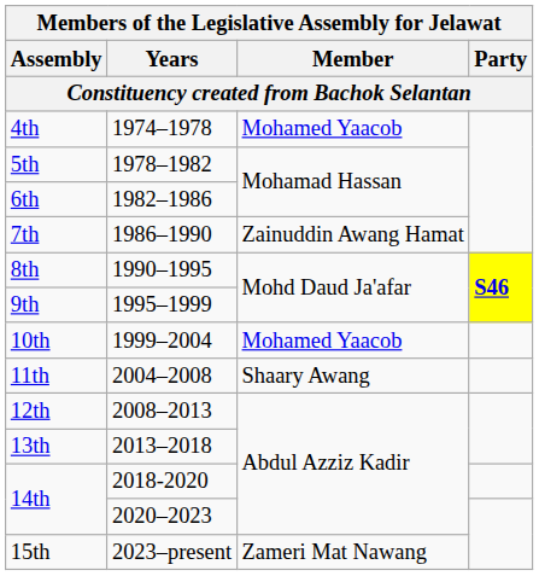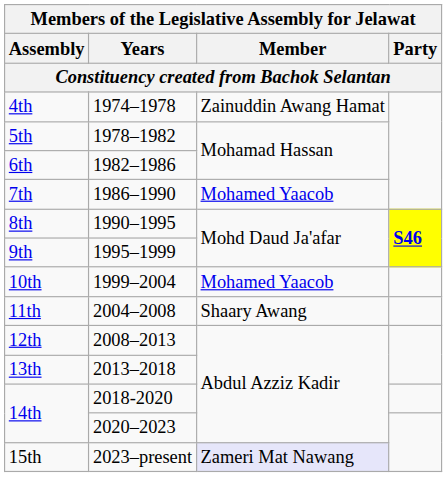 <table class=wikitable>
 <tr>
 <th colspan=4>Members of the Legislative Assembly for Jelawat</th>
 </tr>
 <tr>
 <th>Assembly</th>
 <th>Years</th>
 <th>Member</th>
 <th>Party</th>
 </tr>
 <tr>
 <th colspan=4 align=center><em>Constituency created from Bachok Selantan</em></th>
 </tr>
 <tr>
 <td><a href='#'>4th</a></td>
 <td>1974–1978</td>
-<td><a href='#'>Mohamed Yaacob</a></td>
+<td>Zainuddin Awang Hamat</td>
 <td rowspan=4></td>
 </tr>
 <tr>
 <td><a href='#'>5th</a></td>
 <td>1978–1982</td>
 <td rowspan=2>Mohamad Hassan</td>
 </tr>
 <tr>
 <td><a href='#'>6th</a></td>
 <td>1982–1986</td>
 </tr>
 <tr>
 <td><a href='#'>7th</a></td>
 <td>1986–1990</td>
-<td>Zainuddin Awang Hamat</td>
+<td><a href='#'>Mohamed Yaacob</a></td>
 </tr>
 <tr>
 <td><a href='#'>8th</a></td>
 <td>1990–1995</td>
 <td rowspan=2>Mohd Daud Ja'afar</td>
 <td rowspan=2 bgcolor="yellow"><strong><a href='#'>S46</a></strong></td>
 </tr>
 <tr>
 <td><a href='#'>9th</a></td>
 <td>1995–1999</td>
 </tr>
 <tr>
 <td><a href='#'>10th</a></td>
 <td>1999–2004</td>
 <td><a href='#'>Mohamed Yaacob</a></td>
 <td></td>
 </tr>
 <tr>
 <td><a href='#'>11th</a></td>
 <td>2004–2008</td>
 <td>Shaary Awang</td>
 <td></td>
 </tr>
 <tr>
 <td><a href='#'>12th</a></td>
 <td>2008–2013</td>
 <td rowspan="4">Abdul Azziz Kadir</td>
 <td rowspan=2></td>
 </tr>
 <tr>
 <td><a href='#'>13th</a></td>
 <td>2013–2018</td>
 </tr>
 <tr>
 <td rowspan="2"><a href='#'>14th</a></td>
 <td>2018-2020</td>
 <td></td>
 </tr>
 <tr>
 <td>2020–2023</td>
 <td rowspan="2"></td>
 </tr>
 <tr>
 <td>15th</td>
 <td>2023–present</td>
-<td>Zameri Mat Nawang</td>
+<td style="background: lavender;">Zameri Mat Nawang</td>
 </tr>
 </table>
